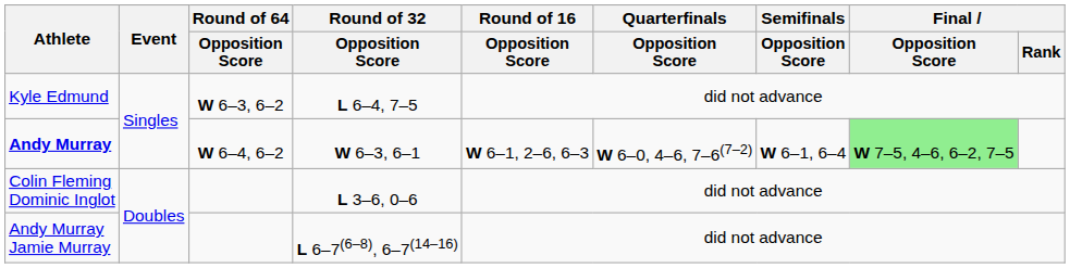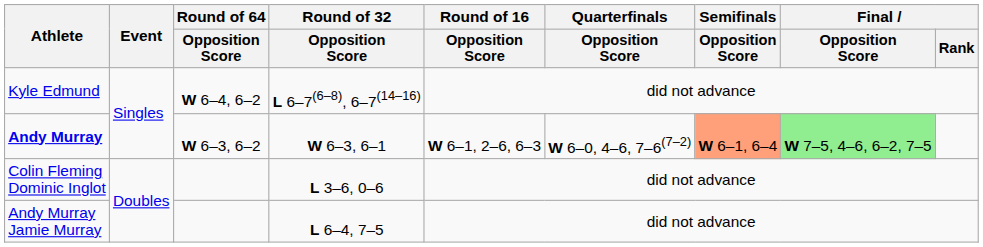 <table class=wikitable style="font-size:90%">
 <tr>
 <th rowspan="2">Athlete</th>
 <th rowspan="2">Event</th>
 <th>Round of 64</th>
 <th>Round of 32</th>
 <th>Round of 16</th>
 <th>Quarterfinals</th>
 <th>Semifinals</th>
 <th colspan=2>Final / </th>
 </tr>
 <tr style="font-size:95%">
 <th>Opposition<br>Score</th>
 <th>Opposition<br>Score</th>
 <th>Opposition<br>Score</th>
 <th>Opposition<br>Score</th>
 <th>Opposition<br>Score</th>
 <th>Opposition<br>Score</th>
 <th>Rank</th>
 </tr>
 <tr align=center>
 <td align=left><a href='#'>Kyle Edmund</a></td>
 <td align=left rowspan="2"><a href='#'>Singles</a></td>
-<td><br> <strong>W</strong>  6–3, 6–2</td>
-<td><br><strong>L</strong> 6–4, 7–5</td>
+<td><br> <strong>W</strong> 6–4, 6–2</td>
+<td><br><strong>L</strong> 6–7<sup>(6–8)</sup>, 6–7<sup>(14–16)</sup></td>
 <td colspan=5>did not advance</td>
 </tr>
 <tr align=center>
 <td align=left><strong><a href='#'>Andy Murray</a></strong></td>
-<td><br> <strong>W</strong> 6–4, 6–2</td>
+<td><br> <strong>W</strong>  6–3, 6–2</td>
 <td><br> <strong>W</strong> 6–3, 6–1</td>
 <td><br> <strong>W</strong> 6–1, 2–6, 6–3</td>
 <td><br><strong>W</strong> 6–0, 4–6, 7–6<sup>(7–2)</sup></td>
-<td><br><strong>W</strong> 6–1, 6–4</td>
+<td style="background: lightsalmon;"><br><strong>W</strong> 6–1, 6–4</td>
 <td style="background: lightgreen;"><br><strong>W</strong> 7–5, 4–6, 6–2, 7–5</td>
 <td></td>
 </tr>
 <tr align=center>
 <td align=left><a href='#'>Colin Fleming</a><br><a href='#'>Dominic Inglot</a></td>
 <td align=left rowspan="2"><a href='#'>Doubles</a></td>
 <td></td>
 <td><br><strong>L</strong> 3–6, 0–6</td>
 <td colspan=5>did not advance</td>
 </tr>
 <tr align=center>
 <td align=left><a href='#'>Andy Murray</a><br><a href='#'>Jamie Murray</a></td>
 <td></td>
-<td><br><strong>L</strong> 6–7<sup>(6–8)</sup>, 6–7<sup>(14–16)</sup></td>
+<td><br><strong>L</strong> 6–4, 7–5</td>
 <td colspan=5>did not advance</td>
 </tr>
 </table>
